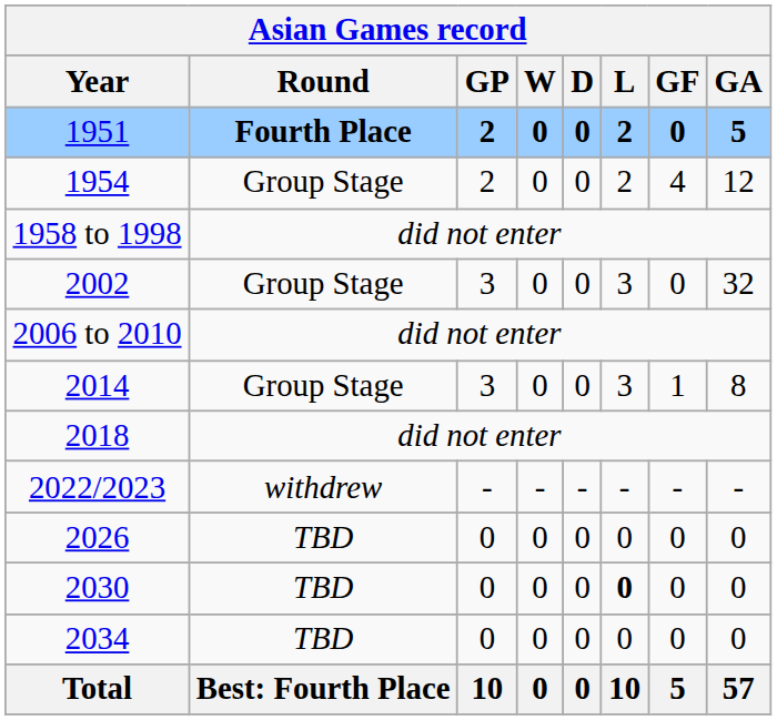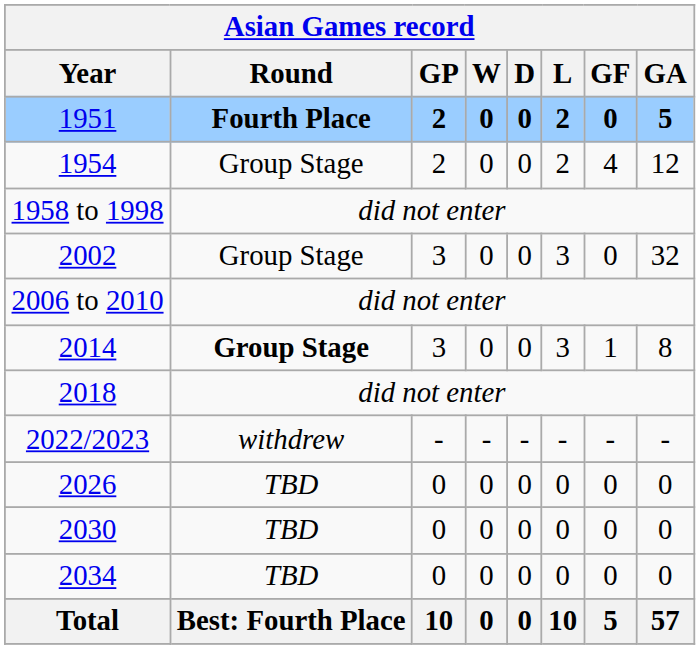 <table class="wikitable" style="text-align: center;">
 <tr>
 <th colspan=10><a href='#'>Asian Games record</a></th>
 </tr>
 <tr>
 <th>Year</th>
 <th>Round</th>
 <th>GP</th>
 <th>W</th>
 <th>D</th>
 <th>L</th>
 <th>GF</th>
 <th>GA</th>
 </tr>
 <tr style="background:#9acdff;">
 <td> <a href='#'>1951</a></td>
 <td><strong>Fourth Place</strong></td>
 <td><strong>2</strong></td>
 <td><strong>0</strong></td>
 <td><strong>0</strong></td>
 <td><strong>2</strong></td>
 <td><strong>0</strong></td>
 <td><strong>5</strong></td>
 </tr>
 <tr>
 <td> <a href='#'>1954</a></td>
 <td>Group Stage</td>
 <td>2</td>
 <td>0</td>
 <td>0</td>
 <td>2</td>
 <td>4</td>
 <td>12</td>
 </tr>
 <tr>
 <td> <a href='#'>1958</a> to  <a href='#'>1998</a></td>
 <td colspan=7><em>did not enter</em></td>
 </tr>
 <tr>
 <td> <a href='#'>2002</a></td>
 <td>Group Stage</td>
 <td>3</td>
 <td>0</td>
 <td>0</td>
 <td>3</td>
 <td>0</td>
 <td>32</td>
 </tr>
 <tr>
 <td> <a href='#'>2006</a> to  <a href='#'>2010</a></td>
 <td colspan=7><em>did not enter</em></td>
 </tr>
 <tr>
 <td> <a href='#'>2014</a></td>
-<td>Group Stage</td>
+<td><strong>Group Stage</strong></td>
 <td>3</td>
 <td>0</td>
 <td>0</td>
 <td>3</td>
 <td>1</td>
 <td>8</td>
 </tr>
 <tr>
 <td><a href='#'>2018</a></td>
 <td colspan=7><em>did not enter</em></td>
 </tr>
 <tr>
 <td><a href='#'>2022/2023</a></td>
 <td><em>withdrew</em></td>
 <td>-</td>
 <td>-</td>
 <td>-</td>
 <td>-</td>
 <td>-</td>
 <td>-</td>
 </tr>
 <tr>
 <td><a href='#'>2026</a></td>
 <td><em>TBD</em></td>
 <td>0</td>
 <td>0</td>
 <td>0</td>
 <td>0</td>
 <td>0</td>
 <td>0</td>
 </tr>
 <tr>
 <td><a href='#'>2030</a></td>
 <td><em>TBD</em></td>
 <td>0</td>
 <td>0</td>
 <td>0</td>
-<td><strong>0</strong></td>
+<td>0</td>
 <td>0</td>
 <td>0</td>
 </tr>
 <tr>
 <td><a href='#'>2034</a></td>
 <td><em>TBD</em></td>
 <td>0</td>
 <td>0</td>
 <td>0</td>
 <td>0</td>
 <td>0</td>
 <td>0</td>
 </tr>
 <tr>
 <th><strong>Total</strong></th>
 <th><strong>Best: Fourth Place</strong></th>
 <th><strong>10</strong></th>
 <th><strong>0</strong></th>
 <th><strong>0</strong></th>
 <th><strong>10</strong></th>
 <th><strong>5</strong></th>
 <th><strong>57</strong></th>
 </tr>
 </table>
